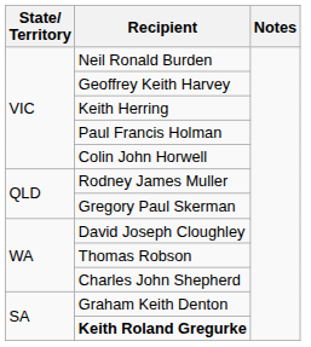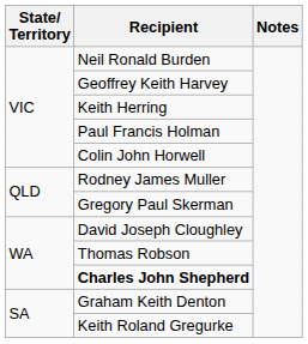 <table class="wikitable" style="font-size:95%;">
 <tr>
 <th>State/<br>Territory</th>
 <th>Recipient</th>
 <th>Notes</th>
 </tr>
 <tr>
 <td rowspan=5>VIC</td>
 <td>Neil Ronald Burden</td>
 <td rowspan=12></td>
 </tr>
 <tr>
 <td>Geoffrey Keith Harvey</td>
 </tr>
 <tr>
 <td>Keith Herring</td>
 </tr>
 <tr>
 <td>Paul Francis Holman</td>
 </tr>
 <tr>
 <td>Colin John Horwell</td>
 </tr>
 <tr>
 <td rowspan=2>QLD</td>
 <td>Rodney James Muller</td>
 </tr>
 <tr>
 <td>Gregory Paul Skerman</td>
 </tr>
 <tr>
 <td rowspan=3>WA</td>
 <td>David Joseph Cloughley</td>
 </tr>
 <tr>
 <td>Thomas Robson</td>
 </tr>
 <tr>
-<td>Charles John Shepherd</td>
+<td><strong>Charles John Shepherd</strong></td>
 </tr>
 <tr>
 <td rowspan=2>SA</td>
 <td>Graham Keith Denton</td>
 </tr>
 <tr>
-<td><strong>Keith Roland Gregurke</strong></td>
+<td>Keith Roland Gregurke</td>
 </tr>
 </table>
